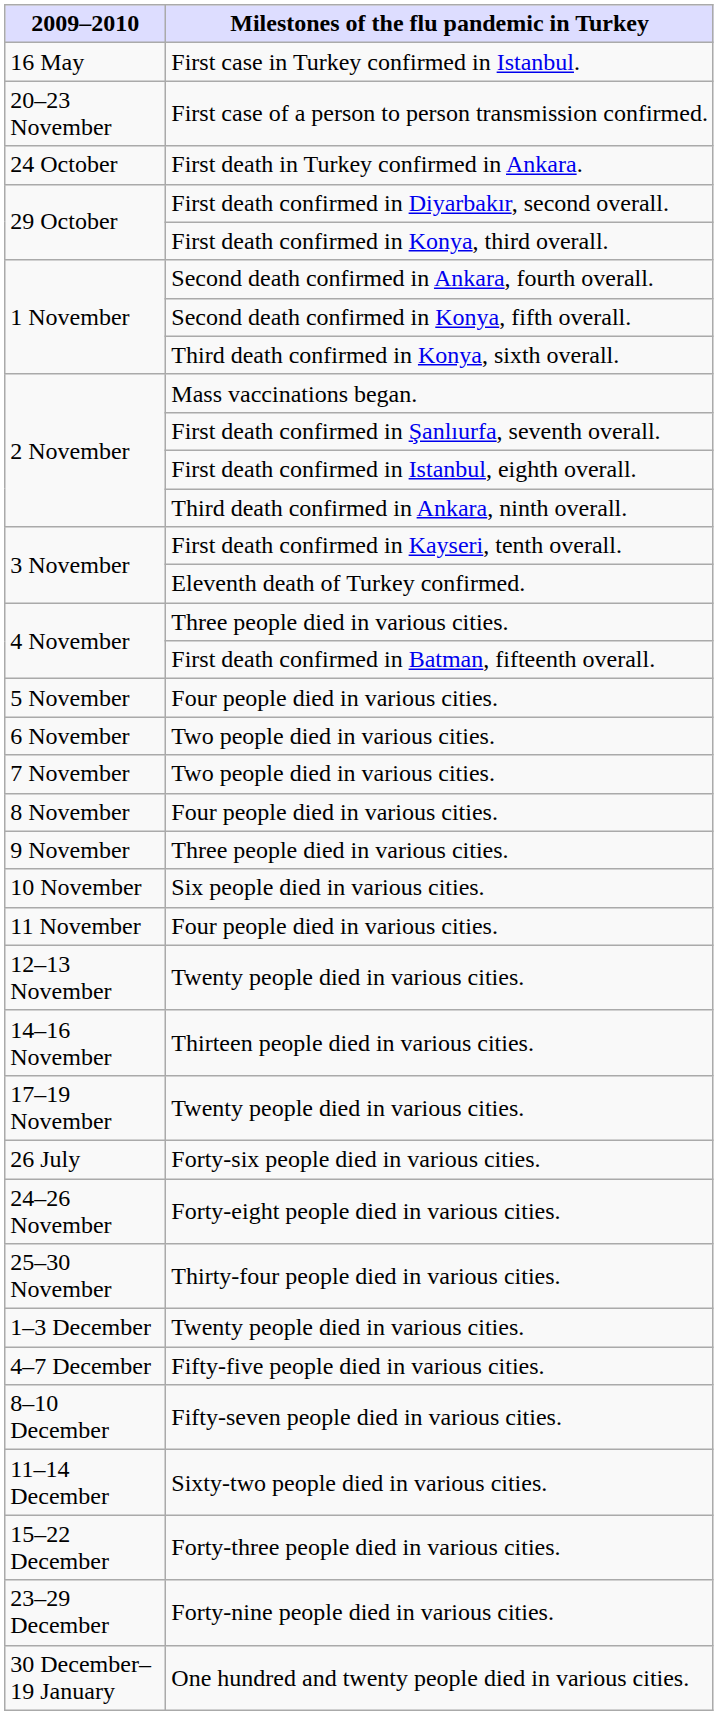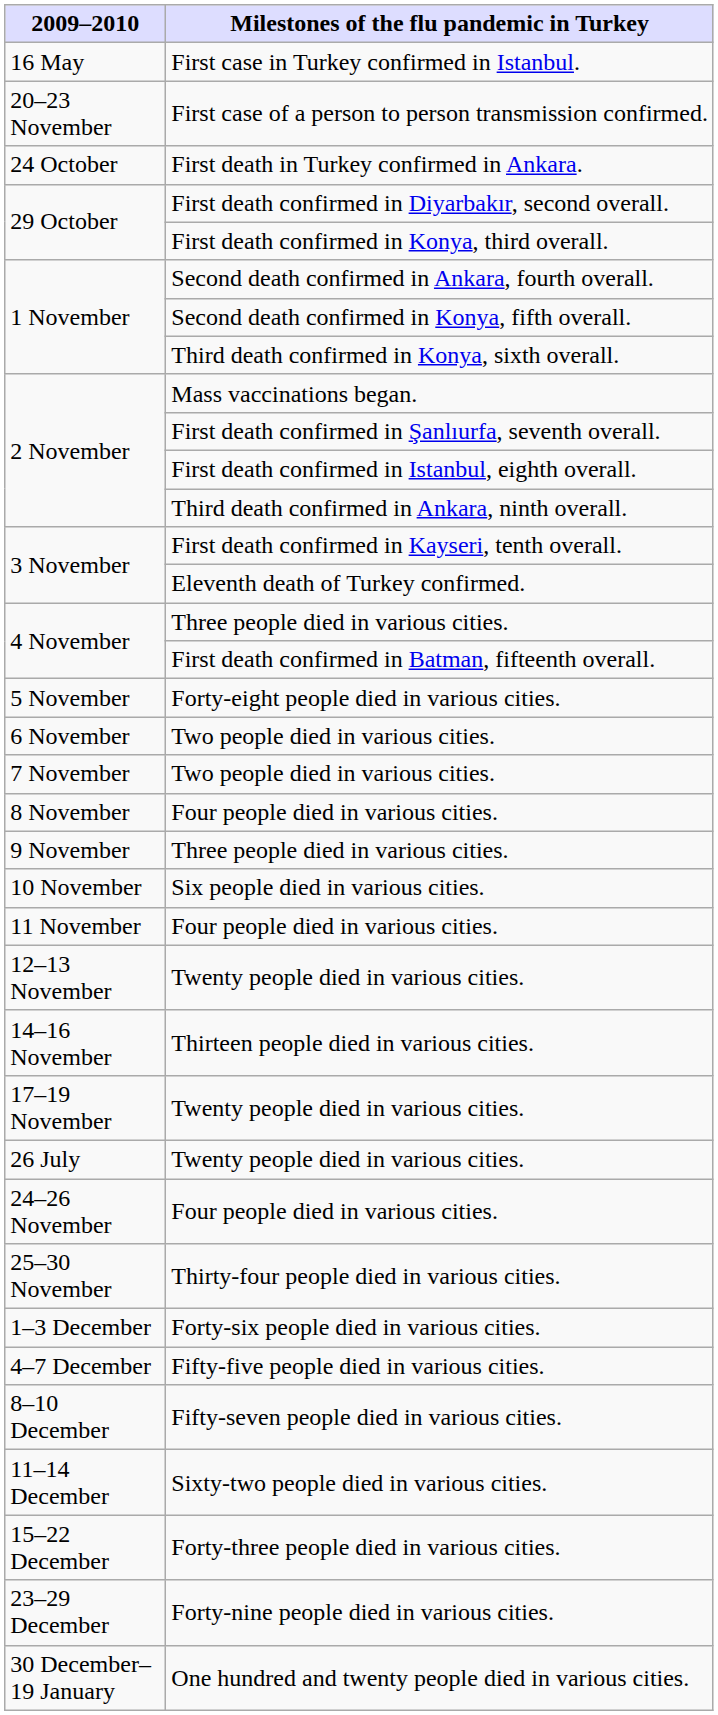 <table class="wikitable" border="1">
 <tr>
 <th width="100px" style="background:#ddf">2009–2010</th>
 <th style="background:#ddf">Milestones of the flu pandemic in Turkey</th>
 </tr>
 <tr>
 <td>16 May</td>
 <td>First case in Turkey confirmed in <a href='#'>Istanbul</a>.</td>
 </tr>
 <tr>
 <td>20–23 November</td>
 <td>First case of a person to person transmission confirmed.</td>
 </tr>
 <tr>
 <td>24 October</td>
 <td>First death in Turkey confirmed in <a href='#'>Ankara</a>.</td>
 </tr>
 <tr>
 <td rowspan=2>29 October</td>
 <td>First death confirmed in <a href='#'>Diyarbakır</a>, second overall.</td>
 </tr>
 <tr>
 <td>First death confirmed in <a href='#'>Konya</a>, third overall.</td>
 </tr>
 <tr>
 <td rowspan=3>1 November</td>
 <td>Second death confirmed in <a href='#'>Ankara</a>, fourth overall.</td>
 </tr>
 <tr>
 <td>Second death confirmed in <a href='#'>Konya</a>, fifth overall.</td>
 </tr>
 <tr>
 <td>Third death confirmed in <a href='#'>Konya</a>, sixth overall.</td>
 </tr>
 <tr>
 <td rowspan=4>2 November</td>
 <td>Mass vaccinations began.</td>
 </tr>
 <tr>
 <td>First death confirmed in <a href='#'>Şanlıurfa</a>, seventh overall.</td>
 </tr>
 <tr>
 <td>First death confirmed in <a href='#'>Istanbul</a>, eighth overall.</td>
 </tr>
 <tr>
 <td>Third death confirmed in <a href='#'>Ankara</a>, ninth overall.</td>
 </tr>
 <tr>
 <td rowspan=2>3 November</td>
 <td>First death confirmed in <a href='#'>Kayseri</a>, tenth overall.</td>
 </tr>
 <tr>
 <td>Eleventh death of Turkey confirmed.</td>
 </tr>
 <tr>
 <td rowspan=2>4 November</td>
 <td>Three people died in various cities.</td>
 </tr>
 <tr>
 <td>First death confirmed in <a href='#'>Batman</a>, fifteenth overall.</td>
 </tr>
 <tr>
 <td>5 November</td>
-<td>Four people died in various cities.</td>
+<td>Forty-eight people died in various cities.</td>
 </tr>
 <tr>
 <td>6 November</td>
 <td>Two people died in various cities.</td>
 </tr>
 <tr>
 <td>7 November</td>
 <td>Two people died in various cities.</td>
 </tr>
 <tr>
 <td>8 November</td>
 <td>Four people died in various cities.</td>
 </tr>
 <tr>
 <td>9 November</td>
 <td>Three people died in various cities.</td>
 </tr>
 <tr>
 <td>10 November</td>
 <td>Six people died in various cities.</td>
 </tr>
 <tr>
 <td>11 November</td>
 <td>Four people died in various cities.</td>
 </tr>
 <tr>
 <td>12–13 November</td>
 <td>Twenty people died in various cities.</td>
 </tr>
 <tr>
 <td>14–16 November</td>
 <td>Thirteen people died in various cities.</td>
 </tr>
 <tr>
 <td>17–19 November</td>
 <td>Twenty people died in various cities.</td>
 </tr>
 <tr>
 <td>26 July</td>
-<td>Forty-six people died in various cities.</td>
+<td>Twenty people died in various cities.</td>
 </tr>
 <tr>
 <td>24–26 November</td>
-<td>Forty-eight people died in various cities.</td>
+<td>Four people died in various cities.</td>
 </tr>
 <tr>
 <td>25–30 November</td>
 <td>Thirty-four people died in various cities.</td>
 </tr>
 <tr>
 <td>1–3 December</td>
-<td>Twenty people died in various cities.</td>
+<td>Forty-six people died in various cities.</td>
 </tr>
 <tr>
 <td>4–7 December</td>
 <td>Fifty-five people died in various cities.</td>
 </tr>
 <tr>
 <td>8–10 December</td>
 <td>Fifty-seven people died in various cities.</td>
 </tr>
 <tr>
 <td>11–14 December</td>
 <td>Sixty-two people died in various cities.</td>
 </tr>
 <tr>
 <td>15–22 December</td>
 <td>Forty-three people died in various cities.</td>
 </tr>
 <tr>
 <td>23–29 December</td>
 <td>Forty-nine people died in various cities.</td>
 </tr>
 <tr>
 <td>30 December–19 January</td>
 <td>One hundred and twenty people died in various cities.</td>
 </tr>
 </table>
